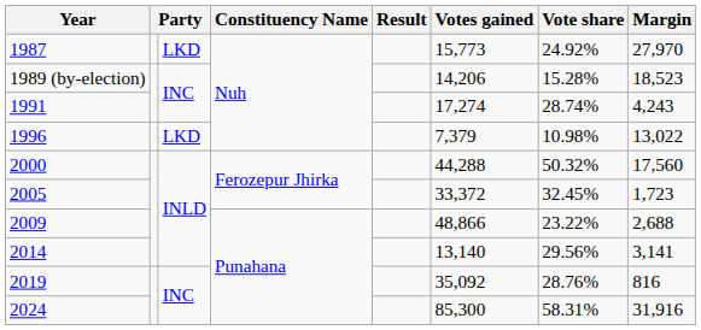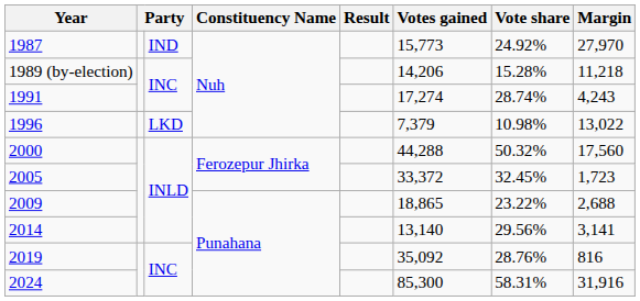 <table class="wikitable">
 <tr>
 <th>Year</th>
 <th colspan="2">Party</th>
 <th>Constituency Name</th>
 <th>Result</th>
 <th>Votes gained</th>
 <th>Vote share</th>
 <th>Margin</th>
 </tr>
 <tr>
 <td><a href='#'>1987</a></td>
 <td></td>
-<td><a href='#'>LKD</a></td>
+<td><a href='#'>IND</a></td>
 <td rowspan="4" Nuh><a href='#'>Nuh</a></td>
 <td></td>
 <td>15,773</td>
 <td>24.92%</td>
 <td>27,970</td>
 </tr>
 <tr>
 <td>1989 (by-election)</td>
 <td rowspan="2"></td>
 <td rowspan="2"><a href='#'>INC</a></td>
 <td></td>
 <td>14,206</td>
 <td>15.28%</td>
-<td>18,523</td>
+<td>11,218</td>
 </tr>
 <tr>
 <td><a href='#'>1991</a></td>
 <td></td>
 <td>17,274</td>
 <td>28.74%</td>
 <td>4,243</td>
 </tr>
 <tr>
 <td><a href='#'>1996</a></td>
 <td></td>
 <td><a href='#'>LKD</a></td>
 <td></td>
 <td>7,379</td>
 <td>10.98%</td>
 <td>13,022</td>
 </tr>
 <tr>
 <td><a href='#'>2000</a></td>
 <td rowspan="4"></td>
 <td rowspan="4"><a href='#'>INLD</a></td>
 <td rowspan="2" Ferozepur Jhirka><a href='#'>Ferozepur Jhirka</a></td>
 <td></td>
 <td>44,288</td>
 <td>50.32%</td>
 <td>17,560</td>
 </tr>
 <tr>
 <td><a href='#'>2005</a></td>
 <td></td>
 <td>33,372</td>
 <td>32.45%</td>
 <td>1,723</td>
 </tr>
 <tr>
 <td><a href='#'>2009</a></td>
 <td rowspan="4" Punahana><a href='#'>Punahana</a></td>
 <td></td>
-<td>48,866</td>
+<td>18,865</td>
 <td>23.22%</td>
 <td>2,688</td>
 </tr>
 <tr>
 <td><a href='#'>2014</a></td>
 <td></td>
 <td>13,140</td>
 <td>29.56%</td>
 <td>3,141</td>
 </tr>
 <tr>
 <td><a href='#'>2019</a></td>
 <td rowspan="2"></td>
 <td rowspan="2"><a href='#'>INC</a></td>
 <td></td>
 <td>35,092</td>
 <td>28.76%</td>
 <td>816</td>
 </tr>
 <tr>
 <td><a href='#'>2024</a></td>
 <td></td>
 <td>85,300</td>
 <td>58.31%</td>
 <td>31,916</td>
 </tr>
 </table>
